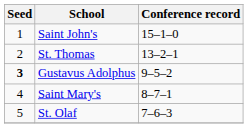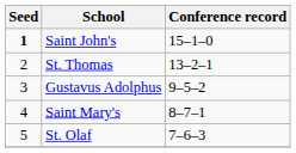 <table class="wikitable">
 <tr>
 <th>Seed</th>
 <th>School</th>
 <th>Conference record</th>
 </tr>
 <tr>
-<td align=center>1</td>
+<td align=center><strong>1</strong></td>
 <td><a href='#'>Saint John's</a></td>
 <td>15–1–0</td>
 </tr>
 <tr>
 <td align=center>2</td>
 <td><a href='#'>St. Thomas</a></td>
 <td>13–2–1</td>
 </tr>
 <tr>
-<td align=center><strong>3</strong></td>
+<td align=center>3</td>
 <td><a href='#'>Gustavus Adolphus</a></td>
 <td>9–5–2</td>
 </tr>
 <tr>
 <td align=center>4</td>
 <td><a href='#'>Saint Mary's</a></td>
 <td>8–7–1</td>
 </tr>
 <tr>
 <td align=center>5</td>
 <td><a href='#'>St. Olaf</a></td>
 <td>7–6–3</td>
 </tr>
 <tr>
 </tr>
 </table>
